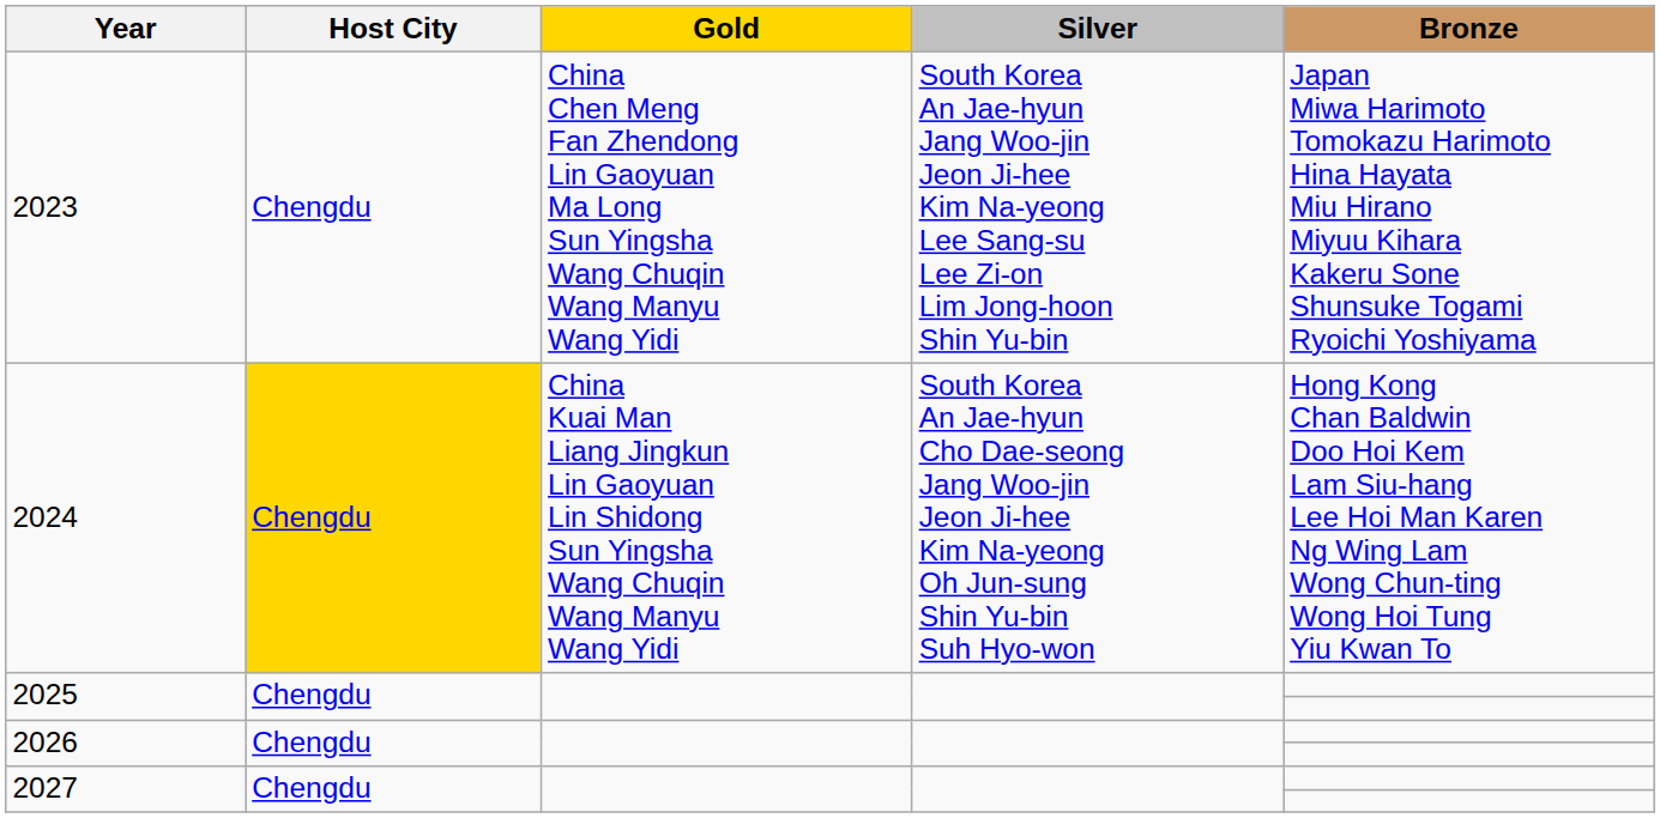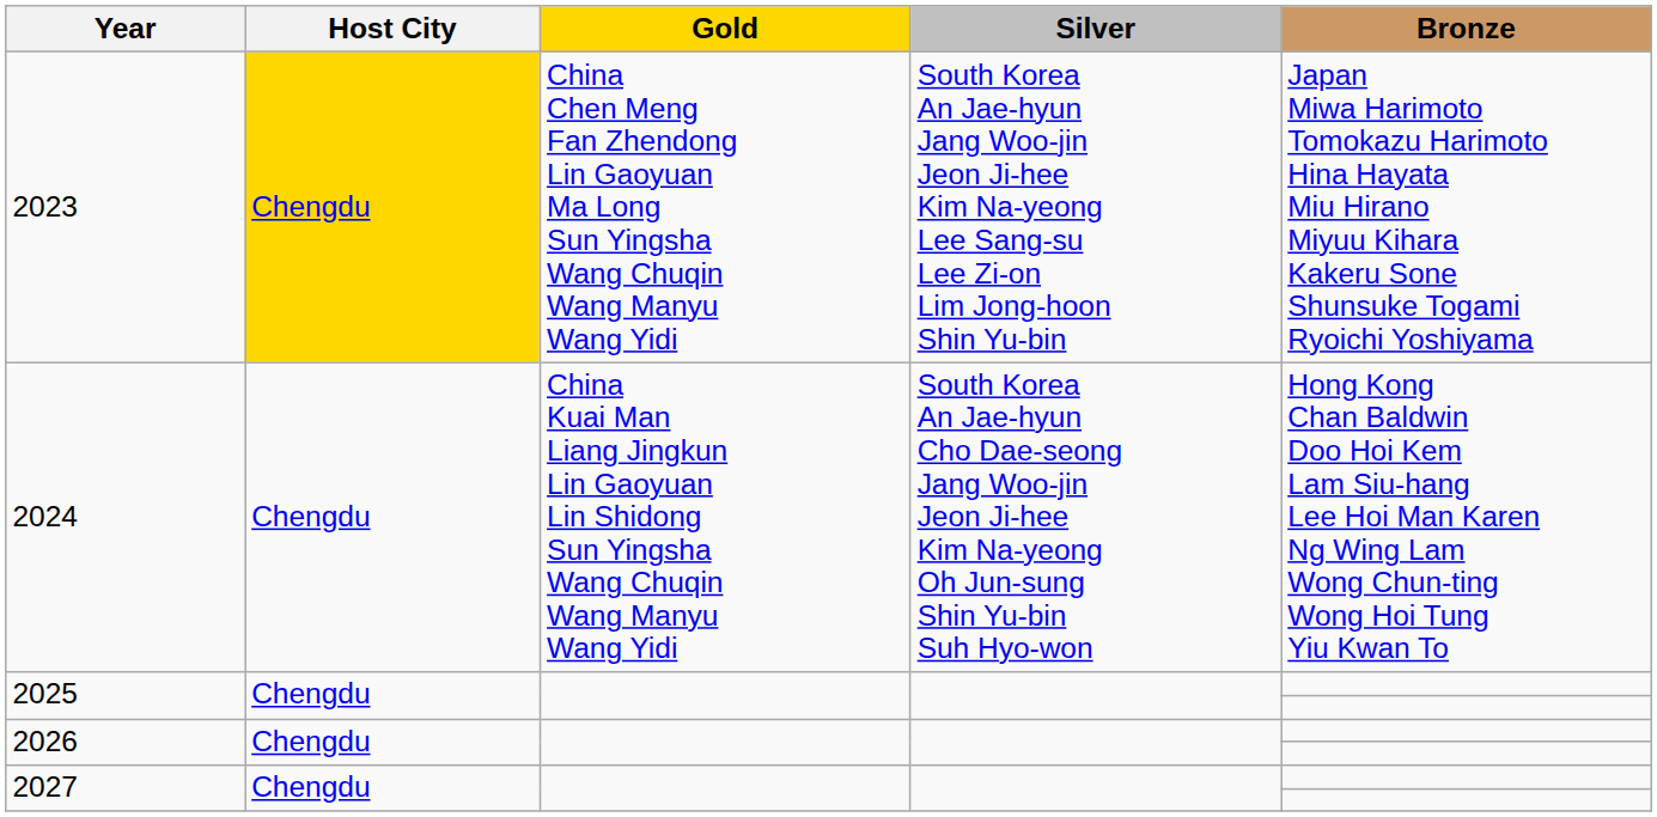 <table class="wikitable" style="text-align: left; width: 900px;">
 <tr>
 <th width="120">Year</th>
 <th width="150">Host City</th>
 <th width="190" style="background-color: gold">Gold</th>
 <th width="190" style="background-color: silver">Silver</th>
 <th width="190" style="background-color: #cc9966">Bronze</th>
 </tr>
 <tr>
 <td>2023</td>
-<td><a href='#'>Chengdu</a></td>
+<td style="background: gold;"><a href='#'>Chengdu</a></td>
 <td> <a href='#'>China</a><br><a href='#'>Chen Meng</a><br><a href='#'>Fan Zhendong</a><br><a href='#'>Lin Gaoyuan</a><br><a href='#'>Ma Long</a><br><a href='#'>Sun Yingsha</a><br><a href='#'>Wang Chuqin</a><br><a href='#'>Wang Manyu</a><br><a href='#'>Wang Yidi</a></td>
 <td> <a href='#'>South Korea</a><br><a href='#'>An Jae-hyun</a><br><a href='#'>Jang Woo-jin</a><br><a href='#'>Jeon Ji-hee</a><br><a href='#'>Kim Na-yeong</a><br><a href='#'>Lee Sang-su</a><br><a href='#'>Lee Zi-on</a><br><a href='#'>Lim Jong-hoon</a><br><a href='#'>Shin Yu-bin</a></td>
 <td> <a href='#'>Japan</a><br><a href='#'>Miwa Harimoto</a><br><a href='#'>Tomokazu Harimoto</a><br><a href='#'>Hina Hayata</a><br><a href='#'>Miu Hirano</a><br><a href='#'>Miyuu Kihara</a><br><a href='#'>Kakeru Sone</a><br><a href='#'>Shunsuke Togami</a><br><a href='#'>Ryoichi Yoshiyama</a></td>
 </tr>
 <tr>
 <td>2024</td>
-<td style="background: gold;"><a href='#'>Chengdu</a></td>
+<td><a href='#'>Chengdu</a></td>
 <td> <a href='#'>China</a><br><a href='#'>Kuai Man</a><br><a href='#'>Liang Jingkun</a><br><a href='#'>Lin Gaoyuan</a><br><a href='#'>Lin Shidong</a><br><a href='#'>Sun Yingsha</a><br><a href='#'>Wang Chuqin</a><br><a href='#'>Wang Manyu</a><br><a href='#'>Wang Yidi</a></td>
 <td> <a href='#'>South Korea</a><br><a href='#'>An Jae-hyun</a><br><a href='#'>Cho Dae-seong</a><br><a href='#'>Jang Woo-jin</a><br><a href='#'>Jeon Ji-hee</a><br><a href='#'>Kim Na-yeong</a><br><a href='#'>Oh Jun-sung</a><br><a href='#'>Shin Yu-bin</a><br><a href='#'>Suh Hyo-won</a></td>
 <td> <a href='#'>Hong Kong</a><br><a href='#'>Chan Baldwin</a><br><a href='#'>Doo Hoi Kem</a><br><a href='#'>Lam Siu-hang</a><br><a href='#'>Lee Hoi Man Karen</a><br><a href='#'>Ng Wing Lam</a><br><a href='#'>Wong Chun-ting</a><br><a href='#'>Wong Hoi Tung</a><br><a href='#'>Yiu Kwan To</a></td>
 </tr>
 <tr>
 <td rowspan=2>2025</td>
 <td rowspan=2><a href='#'>Chengdu</a></td>
 <td rowspan=2></td>
 <td rowspan=2></td>
 <td></td>
 </tr>
 <tr>
 <td></td>
 </tr>
 <tr>
 <td rowspan=2>2026</td>
 <td rowspan=2><a href='#'>Chengdu</a></td>
 <td rowspan=2></td>
 <td rowspan=2></td>
 <td></td>
 </tr>
 <tr>
 <td></td>
 </tr>
 <tr>
 <td rowspan=2>2027</td>
 <td rowspan=2><a href='#'>Chengdu</a></td>
 <td rowspan=2></td>
 <td rowspan=2></td>
 <td></td>
 </tr>
 <tr>
 <td></td>
 </tr>
 </table>
